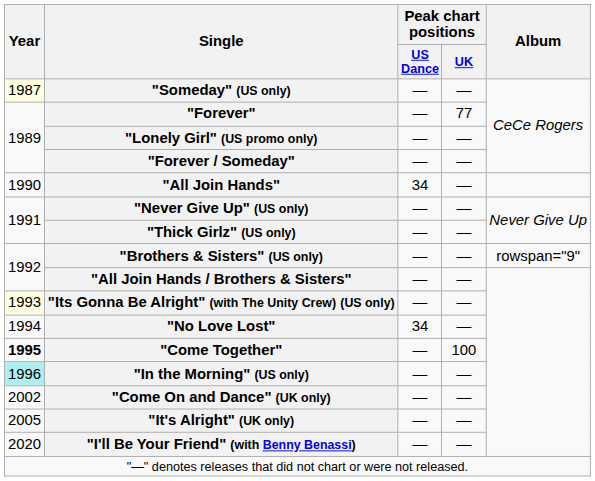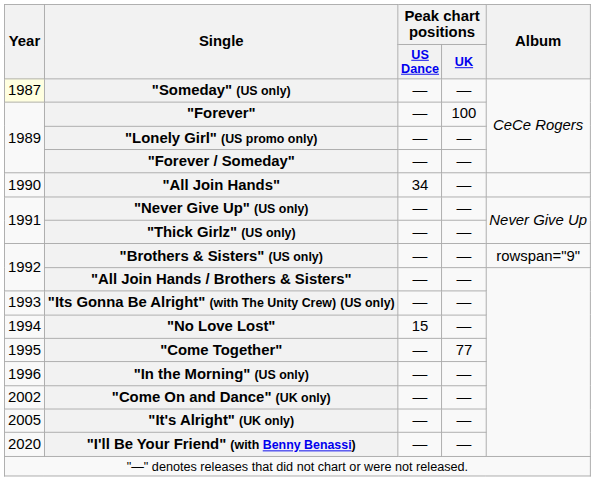 <table class="wikitable plainrowheaders" style="text-align:center">
 <tr>
 <th scope="col" rowspan="2">Year</th>
 <th scope="col" rowspan="2">Single</th>
 <th scope="col" colspan="2">Peak chart positions</th>
 <th scope="col" rowspan="2">Album</th>
 </tr>
 <tr>
 <th scope="col" style="width:3em;font-size:85%"><a href='#'>US Dance</a><br></th>
 <th scope="col" style="width:3em;font-size:85%"><a href='#'>UK</a><br></th>
 </tr>
 <tr>
 <td style="background: lightyellow;">1987</td>
 <th scope="row">"Someday" <small>(US only)</small></th>
 <td>—</td>
 <td>—</td>
 <td rowspan="4"><em>CeCe Rogers</em></td>
 </tr>
 <tr>
 <td rowspan="3">1989</td>
 <th scope="row">"Forever"</th>
 <td>—</td>
-<td>77</td>
+<td>100</td>
 </tr>
 <tr>
 <th scope="row">"Lonely Girl" <small>(US promo only)</small></th>
 <td>—</td>
 <td>—</td>
 </tr>
 <tr>
 <th scope="row">"Forever / Someday"</th>
 <td>—</td>
 <td>—</td>
 </tr>
 <tr>
 <td>1990</td>
 <th scope="row">"All Join Hands"</th>
 <td>34</td>
 <td>—</td>
 <td></td>
 </tr>
 <tr>
 <td rowspan="2">1991</td>
 <th scope="row">"Never Give Up" <small>(US only)</small></th>
 <td>—</td>
 <td>—</td>
 <td rowspan="2"><em>Never Give Up</em></td>
 </tr>
 <tr>
 <th scope="row">"Thick Girlz" <small>(US only)</small></th>
 <td>—</td>
 <td>—</td>
 </tr>
 <tr>
 <td rowspan="2">1992</td>
 <th scope="row">"Brothers & Sisters" <small>(US only)</small></th>
 <td>—</td>
 <td>—</td>
 <td>rowspan="9" </td>
 </tr>
 <tr>
 <th scope="row">"All Join Hands / Brothers & Sisters"</th>
 <td>—</td>
 <td>—</td>
 </tr>
 <tr>
-<td style="background: lightyellow;">1993</td>
+<td>1993</td>
 <th scope="row">"Its Gonna Be Alright" <small>(with The Unity Crew)</small> <small>(US only)</small></th>
 <td>—</td>
 <td>—</td>
 </tr>
 <tr>
 <td>1994</td>
 <th scope="row">"No Love Lost"</th>
-<td>34</td>
+<td>15</td>
 <td>—</td>
 </tr>
 <tr>
-<td><strong>1995</strong></td>
+<td>1995</td>
 <th scope="row">"Come Together"</th>
 <td>—</td>
-<td>100</td>
+<td>77</td>
 </tr>
 <tr>
-<td style="background: paleturquoise;">1996</td>
+<td>1996</td>
 <th scope="row">"In the Morning" <small>(US only)</small></th>
 <td>—</td>
 <td>—</td>
 </tr>
 <tr>
 <td>2002</td>
 <th scope="row">"Come On and Dance" <small>(UK only)</small></th>
 <td>—</td>
 <td>—</td>
 </tr>
 <tr>
 <td>2005</td>
 <th scope="row">"It's Alright" <small>(UK only)</small></th>
 <td>—</td>
 <td>—</td>
 </tr>
 <tr>
 <td>2020</td>
 <th scope="row">"I'll Be Your Friend" <small>(with <a href='#'>Benny Benassi</a>)</small></th>
 <td>—</td>
 <td>—</td>
 </tr>
 <tr>
 <td colspan="8" style="text-align:center; font-size:85%">"—" denotes releases that did not chart or were not released.</td>
 </tr>
 </table>
